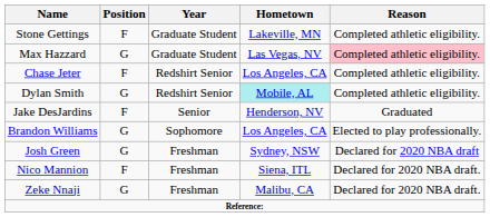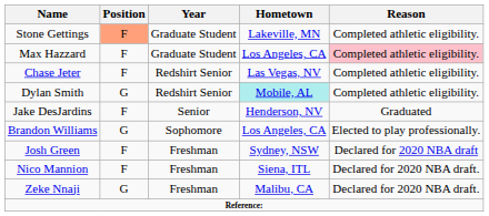 <table class="wikitable" style="text-align: center">
 <tr align=center>
 <th>Name</th>
 <th>Position</th>
 <th>Year</th>
 <th>Hometown</th>
 <th>Reason</th>
 </tr>
 <tr>
 <td>Stone Gettings</td>
-<td>F</td>
+<td style="background: lightsalmon;">F</td>
 <td>Graduate Student</td>
 <td><a href='#'>Lakeville, MN</a></td>
 <td>Completed athletic eligibility.</td>
 </tr>
 <tr>
 <td>Max Hazzard</td>
-<td>G</td>
+<td>F</td>
 <td>Graduate Student</td>
-<td><a href='#'>Las Vegas, NV</a></td>
+<td><a href='#'>Los Angeles, CA</a></td>
 <td style="background: pink;">Completed athletic eligibility.</td>
 </tr>
 <tr>
 <td><a href='#'>Chase Jeter</a></td>
 <td>F</td>
 <td>Redshirt Senior</td>
-<td><a href='#'>Los Angeles, CA</a></td>
+<td><a href='#'>Las Vegas, NV</a></td>
 <td>Completed athletic eligibility.</td>
 </tr>
 <tr>
 <td>Dylan Smith</td>
 <td>G</td>
 <td>Redshirt Senior</td>
 <td style="background: paleturquoise;"><a href='#'>Mobile, AL</a></td>
 <td>Completed athletic eligibility.</td>
 </tr>
 <tr>
 <td>Jake DesJardins</td>
 <td>F</td>
 <td>Senior</td>
 <td><a href='#'>Henderson, NV</a></td>
 <td>Graduated</td>
 </tr>
 <tr>
 <td><a href='#'>Brandon Williams</a></td>
 <td>G</td>
 <td>Sophomore</td>
 <td><a href='#'>Los Angeles, CA</a></td>
 <td>Elected to play professionally.</td>
 </tr>
 <tr>
 <td><a href='#'>Josh Green</a></td>
-<td>G</td>
+<td>F</td>
 <td>Freshman</td>
 <td><a href='#'>Sydney, NSW</a></td>
 <td>Declared for <a href='#'>2020 NBA draft</a></td>
 </tr>
 <tr>
 <td><a href='#'>Nico Mannion</a></td>
 <td>F</td>
 <td>Freshman</td>
 <td><a href='#'>Siena, ITL</a></td>
 <td>Declared for 2020 NBA draft.</td>
 </tr>
 <tr>
 <td><a href='#'>Zeke Nnaji</a></td>
 <td>G</td>
 <td>Freshman</td>
 <td><a href='#'>Malibu, CA</a></td>
 <td>Declared for 2020 NBA draft.</td>
 </tr>
 <tr>
 <td colspan="7" style="font-size:8pt; text-align:center;"><strong>Reference:</strong></td>
 </tr>
 </table>
